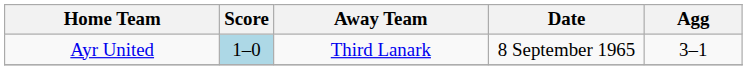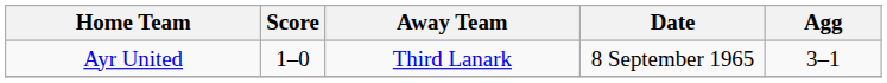 <table class="wikitable" style="text-align:center;">
 <tr>
 <th width=175>Home Team</th>
 <th width=20>Score</th>
 <th width=175>Away Team</th>
 <th width= 125>Date</th>
 <th width= 75>Agg</th>
 </tr>
 <tr>
 <td><a href='#'>Ayr United</a></td>
-<td style="background: lightblue;">1–0</td>
+<td>1–0</td>
 <td><a href='#'>Third Lanark</a></td>
 <td>8 September 1965</td>
 <td>3–1</td>
 </tr>
 <tr>
 </tr>
 </table>
